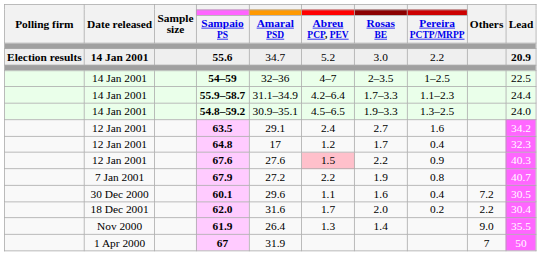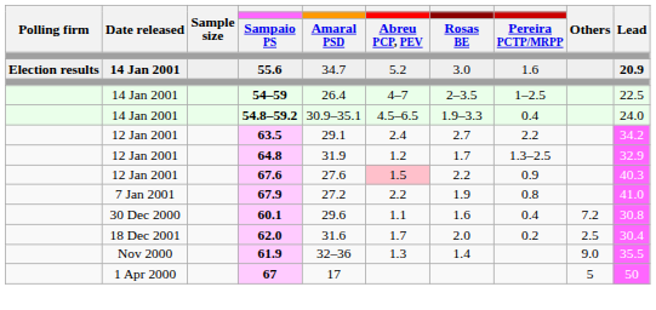 <table class="wikitable unsortable" style="text-align:center;font-size:90%;line-height:14px;">
 <tr>
 <th rowspan="3">Polling firm</th>
 <th rowspan="3">Date released</th>
 <th rowspan="3">Sample<br>size</th>
 <th width=60px></th>
 <th width=60px></th>
 <th width=60px></th>
 <th width=60px></th>
 <th width=60px></th>
 <th rowspan=3 width=25px>Others</th>
 <th rowspan=3 width=25px>Lead</th>
 </tr>
 <tr>
 <td bgcolor=#FF66FF></td>
 <td bgcolor=#FF9900></td>
 <td bgcolor=red></td>
 <td bgcolor=#8B0000></td>
 <td bgcolor=#CC0000></td>
 </tr>
 <tr>
 <th><a href='#'>Sampaio</a><br><small><a href='#'>PS</a></small></th>
 <th><a href='#'>Amaral</a><br><small><a href='#'>PSD</a></small></th>
 <th><a href='#'>Abreu</a><br><small><a href='#'>PCP</a>, <a href='#'>PEV</a></small></th>
 <th><a href='#'>Rosas</a><br><small><a href='#'>BE</a></small></th>
 <th><a href='#'>Pereira</a><br><small><a href='#'>PCTP/MRPP</a></small></th>
 </tr>
 <tr>
 <td colspan="10" style="background:#A0A0A0"></td>
 </tr>
 <tr style="background:#EFEFEF;">
 <td><strong>Election results</strong></td>
 <td data-sort-value="2019-10-06"><strong>14 Jan 2001</strong></td>
 <td></td>
 <td><strong>55.6</strong></td>
 <td>34.7</td>
 <td>5.2</td>
 <td>3.0</td>
-<td>2.2</td>
+<td>1.6</td>
 <td></td>
 <td style="background:"><strong>20.9</strong></td>
 </tr>
 <tr>
 <td colspan="10" style="background:#A0A0A0"></td>
 </tr>
 <tr style="background:#EAFFEA">
 <td></td>
 <td>14 Jan 2001</td>
 <td></td>
 <td><strong>54–59</strong></td>
-<td>32–36</td>
+<td>26.4</td>
 <td>4–7</td>
 <td>2–3.5</td>
 <td>1–2.5</td>
 <td></td>
 <td style="background:">22.5</td>
 </tr>
 <tr style="background:#EAFFEA">
 <td></td>
 <td>14 Jan 2001</td>
 <td></td>
-<td><strong>55.9–58.7</strong></td>
-<td>31.1–34.9</td>
-<td>4.2–6.4</td>
-<td>1.7–3.3</td>
-<td>1.1–2.3</td>
-<td></td>
-<td style="background:">24.4</td>
-</tr>
-<tr style="background:#EAFFEA">
-<td></td>
-<td>14 Jan 2001</td>
-<td></td>
 <td><strong>54.8–59.2</strong></td>
 <td>30.9–35.1</td>
 <td>4.5–6.5</td>
 <td>1.9–3.3</td>
-<td>1.3–2.5</td>
+<td>0.4</td>
 <td></td>
 <td style="background:">24.0</td>
 </tr>
 <tr>
 <td></td>
 <td>12 Jan 2001</td>
 <td></td>
 <td style="background:#FFCBFF"><strong>63.5</strong></td>
 <td>29.1</td>
 <td>2.4</td>
 <td>2.7</td>
-<td>1.6</td>
+<td>2.2</td>
 <td></td>
 <td style="background:#FF66FF; color:white">34.2</td>
 </tr>
 <tr>
 <td></td>
 <td>12 Jan 2001</td>
 <td></td>
 <td style="background:#FFCBFF"><strong>64.8</strong></td>
-<td>17</td>
+<td>31.9</td>
 <td>1.2</td>
 <td>1.7</td>
-<td>0.4</td>
+<td>1.3–2.5</td>
 <td></td>
-<td style="background:#FF66FF; color:white">32.3</td>
+<td style="background:#FF66FF; color:white">32.9</td>
 </tr>
 <tr>
 <td></td>
 <td>12 Jan 2001</td>
 <td></td>
 <td style="background:#FFCBFF"><strong>67.6</strong></td>
 <td>27.6</td>
 <td style="background: pink;">1.5</td>
 <td>2.2</td>
 <td>0.9</td>
 <td></td>
 <td style="background:#FF66FF; color:white">40.3</td>
 </tr>
 <tr>
 <td></td>
 <td>7 Jan 2001</td>
 <td></td>
 <td style="background:#FFCBFF"><strong>67.9</strong></td>
 <td>27.2</td>
 <td>2.2</td>
 <td>1.9</td>
 <td>0.8</td>
 <td></td>
-<td style="background:#FF66FF; color:white">40.7</td>
+<td style="background:#FF66FF; color:white">41.0</td>
 </tr>
 <tr>
 <td></td>
 <td>30 Dec 2000</td>
 <td></td>
 <td style="background:#FFCBFF"><strong>60.1</strong></td>
 <td>29.6</td>
 <td>1.1</td>
 <td>1.6</td>
 <td>0.4</td>
 <td>7.2</td>
-<td style="background:#FF66FF; color:white">30.5</td>
+<td style="background:#FF66FF; color:white">30.8</td>
 </tr>
 <tr>
 <td></td>
 <td>18 Dec 2001</td>
 <td></td>
 <td style="background:#FFCBFF"><strong>62.0</strong></td>
 <td>31.6</td>
 <td>1.7</td>
 <td>2.0</td>
 <td>0.2</td>
-<td>2.2</td>
+<td>2.5</td>
 <td style="background:#FF66FF; color:white">30.4</td>
 </tr>
 <tr>
 <td></td>
 <td>Nov 2000</td>
 <td></td>
 <td style="background:#FFCBFF"><strong>61.9</strong></td>
-<td>26.4</td>
+<td>32–36</td>
 <td>1.3</td>
 <td>1.4</td>
 <td></td>
 <td>9.0</td>
 <td style="background:#FF66FF; color:white">35.5</td>
 </tr>
 <tr>
 <td></td>
 <td>1 Apr 2000</td>
 <td></td>
 <td style="background:#FFCBFF"><strong>67</strong></td>
-<td>31.9</td>
+<td>17</td>
 <td></td>
 <td></td>
 <td></td>
-<td>7</td>
+<td>5</td>
 <td style="background:#FF66FF; color:white">50</td>
 </tr>
 </table>
